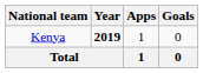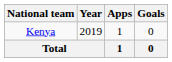 <table class=wikitable style=text-align:center>
 <tr>
 <th>National team</th>
 <th>Year</th>
 <th>Apps</th>
 <th>Goals</th>
 </tr>
 <tr>
 <td rowspan="1"><a href='#'>Kenya</a></td>
-<td><strong>2019</strong></td>
+<td>2019</td>
 <td>1</td>
 <td>0</td>
 </tr>
 <tr>
 <th colspan="2">Total</th>
 <th>1</th>
 <th>0</th>
 </tr>
 </table>
